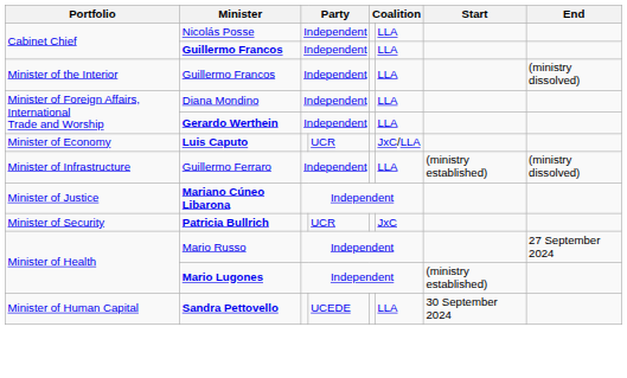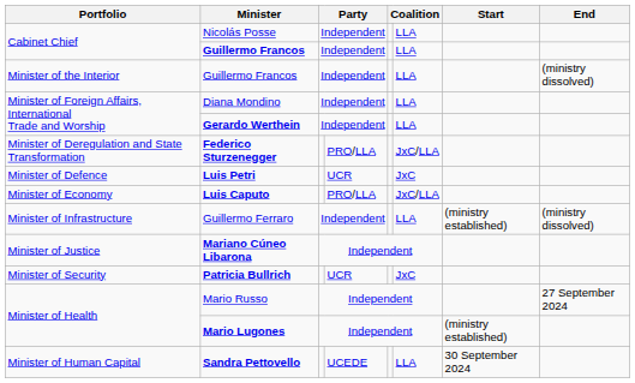 <table class="wikitable">
 <tr>
 <th>Portfolio</th>
 <th>Minister</th>
 <th colspan="2">Party</th>
 <th colspan="2">Coalition</th>
 <th>Start</th>
 <th>End</th>
 </tr>
 <tr>
 <td rowspan="2"><a href='#'>Cabinet Chief</a></td>
 <td><a href='#'>Nicolás Posse</a></td>
 <td colspan="2"><a href='#'>Independent</a></td>
 <td></td>
 <td><a href='#'>LLA</a></td>
 <td></td>
 <td></td>
 </tr>
 <tr>
 <td><strong><a href='#'>Guillermo Francos</a></strong></td>
 <td colspan="2"><a href='#'>Independent</a></td>
 <td></td>
 <td><a href='#'>LLA</a></td>
 <td></td>
 <td></td>
 </tr>
 <tr>
 <td><a href='#'>Minister of the Interior</a></td>
 <td><a href='#'>Guillermo Francos</a></td>
 <td colspan="2"><a href='#'>Independent</a></td>
 <td></td>
 <td><a href='#'>LLA</a></td>
 <td></td>
 <td> (ministry dissolved)</td>
 </tr>
 <tr>
 <td rowspan="2"><a href='#'>Minister of Foreign Affairs, International<br>Trade and Worship</a></td>
 <td><a href='#'>Diana Mondino</a></td>
 <td colspan="2"><a href='#'>Independent</a></td>
 <td></td>
 <td><a href='#'>LLA</a></td>
 <td></td>
 <td></td>
 </tr>
 <tr>
 <td><strong><a href='#'>Gerardo Werthein</a></strong></td>
 <td colspan="2"><a href='#'>Independent</a></td>
 <td></td>
 <td><a href='#'>LLA</a></td>
 <td></td>
 <td></td>
 </tr>
 <tr>
+<td><a href='#'>Minister of Deregulation and State Transformation</a></td>
+<td><strong><a href='#'>Federico Sturzenegger</a></strong></td>
+<td></td>
+<td><a href='#'>PRO</a>/<a href='#'>LLA</a></td>
+<td></td>
+<td><a href='#'>JxC</a>/<a href='#'>LLA</a></td>
+<td></td>
+<td></td>
+</tr>
+<tr>
+<td><a href='#'>Minister of Defence</a></td>
+<td><strong><a href='#'>Luis Petri</a></strong></td>
+<td></td>
+<td><a href='#'>UCR</a></td>
+<td></td>
+<td><a href='#'>JxC</a></td>
+<td></td>
+<td></td>
+</tr>
+<tr>
 <td><a href='#'>Minister of Economy</a></td>
 <td><strong><a href='#'>Luis Caputo</a></strong></td>
 <td></td>
-<td><a href='#'>UCR</a></td>
+<td><a href='#'>PRO</a>/<a href='#'>LLA</a></td>
 <td></td>
 <td><a href='#'>JxC</a>/<a href='#'>LLA</a></td>
 <td></td>
 <td></td>
 </tr>
 <tr>
 <td><a href='#'>Minister of Infrastructure</a></td>
 <td><a href='#'>Guillermo Ferraro</a></td>
 <td colspan="2"><a href='#'>Independent</a></td>
 <td></td>
 <td><a href='#'>LLA</a></td>
 <td> (ministry established)</td>
 <td> (ministry dissolved)</td>
 </tr>
 <tr>
 <td><a href='#'>Minister of Justice</a></td>
 <td><strong><a href='#'>Mariano Cúneo Libarona</a></strong></td>
 <td colspan="4" style="text-align: center;"><a href='#'>Independent</a></td>
 <td></td>
 <td></td>
 </tr>
 <tr>
 <td><a href='#'>Minister of Security</a></td>
 <td><strong><a href='#'>Patricia Bullrich</a></strong></td>
 <td></td>
 <td><a href='#'>UCR</a></td>
 <td></td>
 <td><a href='#'>JxC</a></td>
 <td></td>
 <td></td>
 </tr>
 <tr>
 <td rowspan="2"><a href='#'>Minister of Health</a></td>
 <td><a href='#'>Mario Russo</a></td>
 <td colspan="4" style="text-align: center;"><a href='#'>Independent</a></td>
 <td></td>
 <td>27 September 2024</td>
 </tr>
 <tr>
 <td><strong><a href='#'>Mario Lugones</a></strong></td>
 <td colspan="4" style="text-align: center;"><a href='#'>Independent</a></td>
 <td> (ministry established)</td>
 <td></td>
 </tr>
 <tr>
 <td><a href='#'>Minister of Human Capital</a></td>
 <td><strong><a href='#'>Sandra Pettovello</a></strong></td>
 <td></td>
 <td><a href='#'>UCEDE</a></td>
 <td></td>
 <td><a href='#'>LLA</a></td>
 <td>30 September 2024</td>
 <td></td>
 </tr>
 </table>
